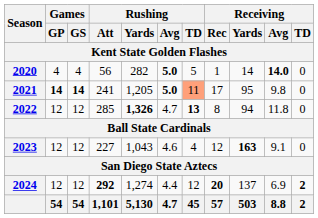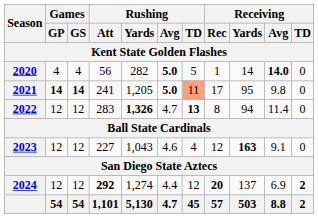 <table class="wikitable" style="text-align:center;">
 <tr>
 <th rowspan="2">Season</th>
 <th colspan="2">Games</th>
 <th colspan="4">Rushing</th>
 <th colspan="4">Receiving</th>
 </tr>
 <tr>
 <th>GP</th>
 <th>GS</th>
 <th>Att</th>
 <th>Yards</th>
 <th>Avg</th>
 <th>TD</th>
 <th>Rec</th>
 <th>Yards</th>
 <th>Avg</th>
 <th>TD</th>
 </tr>
 <tr>
 <th colspan="12">Kent State Golden Flashes</th>
 </tr>
 <tr>
 <th><a href='#'>2020</a></th>
 <td>4</td>
 <td>4</td>
 <td>56</td>
 <td>282</td>
 <td><strong>5.0</strong></td>
 <td>5</td>
 <td>1</td>
 <td>14</td>
 <td><strong>14.0</strong></td>
 <td>0</td>
 </tr>
 <tr>
 <th><a href='#'>2021</a></th>
 <td><strong>14</strong></td>
 <td><strong>14</strong></td>
 <td>241</td>
 <td>1,205</td>
 <td><strong>5.0</strong></td>
 <td style="background: lightsalmon;">11</td>
 <td>17</td>
 <td>95</td>
 <td>9.8</td>
 <td>0</td>
 </tr>
 <tr>
 <th><a href='#'>2022</a></th>
 <td>12</td>
 <td>12</td>
-<td>285</td>
+<td>283</td>
 <td><strong>1,326</strong></td>
 <td>4.7</td>
 <td><strong>13</strong></td>
 <td>8</td>
 <td>94</td>
-<td>11.8</td>
+<td>11.4</td>
 <td>0</td>
 </tr>
 <tr>
 <th colspan="12">Ball State Cardinals</th>
 </tr>
 <tr>
 <th><a href='#'>2023</a></th>
 <td>12</td>
 <td>12</td>
 <td>227</td>
 <td>1,043</td>
 <td>4.6</td>
 <td>4</td>
 <td>12</td>
 <td><strong>163</strong></td>
 <td>9.1</td>
 <td>0</td>
 </tr>
 <tr>
 <th colspan="12">San Diego State Aztecs</th>
 </tr>
 <tr>
 <th><a href='#'>2024</a></th>
 <td>12</td>
 <td>12</td>
 <td><strong>292</strong></td>
 <td>1,274</td>
 <td>4.4</td>
 <td>12</td>
 <td><strong>20</strong></td>
 <td>137</td>
 <td>6.9</td>
 <td><strong>2</strong></td>
 </tr>
 <tr>
 <th></th>
 <th>54</th>
 <th>54</th>
 <th>1,101</th>
 <th>5,130</th>
 <th>4.7</th>
 <th>45</th>
 <th>57</th>
 <th>503</th>
 <th>8.8</th>
 <th>2</th>
 </tr>
 </table>
